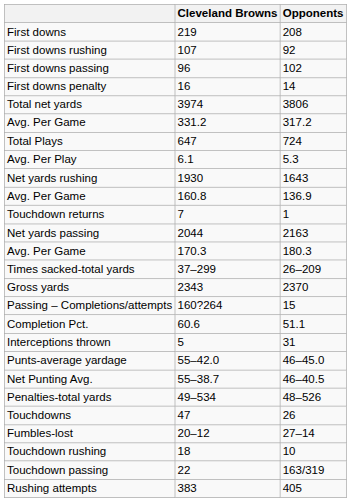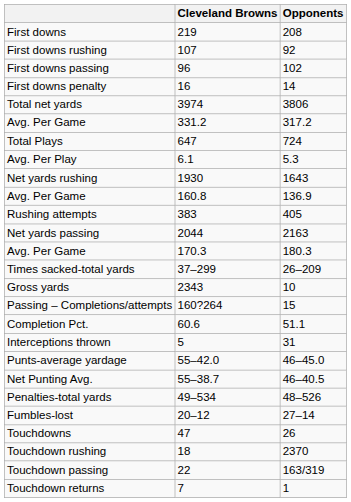 <table class="wikitable">
 <tr>
 <th></th>
 <th>Cleveland Browns</th>
 <th>Opponents</th>
 </tr>
 <tr>
 <td>First downs</td>
 <td>219</td>
 <td>208</td>
 </tr>
 <tr>
 <td>First downs rushing</td>
 <td>107</td>
 <td>92</td>
 </tr>
 <tr>
 <td>First downs passing</td>
 <td>96</td>
 <td>102</td>
 </tr>
 <tr>
 <td>First downs penalty</td>
 <td>16</td>
 <td>14</td>
 </tr>
 <tr>
 <td>Total net yards</td>
 <td>3974</td>
 <td>3806</td>
 </tr>
 <tr>
 <td>Avg. Per Game</td>
 <td>331.2</td>
 <td>317.2</td>
 </tr>
 <tr>
 <td>Total Plays</td>
 <td>647</td>
 <td>724</td>
 </tr>
 <tr>
 <td>Avg. Per Play</td>
 <td>6.1</td>
 <td>5.3</td>
 </tr>
 <tr>
 <td>Net yards rushing</td>
 <td>1930</td>
 <td>1643</td>
 </tr>
 <tr>
 <td>Avg. Per Game</td>
 <td>160.8</td>
 <td>136.9</td>
 </tr>
 <tr>
-<td>Touchdown returns</td>
-<td>7</td>
-<td>1</td>
+<td>Rushing attempts</td>
+<td>383</td>
+<td>405</td>
 </tr>
 <tr>
 <td>Net yards passing</td>
 <td>2044</td>
 <td>2163</td>
 </tr>
 <tr>
 <td>Avg. Per Game</td>
 <td>170.3</td>
 <td>180.3</td>
 </tr>
 <tr>
 <td>Times sacked-total yards</td>
 <td>37–299</td>
 <td>26–209</td>
 </tr>
 <tr>
 <td>Gross yards</td>
 <td>2343</td>
-<td>2370</td>
+<td>10</td>
 </tr>
 <tr>
 <td>Passing – Completions/attempts</td>
 <td>160?264</td>
 <td>15</td>
 </tr>
 <tr>
 <td>Completion Pct.</td>
 <td>60.6</td>
 <td>51.1</td>
 </tr>
 <tr>
 <td>Interceptions thrown</td>
 <td>5</td>
 <td>31</td>
 </tr>
 <tr>
 <td>Punts-average yardage</td>
 <td>55–42.0</td>
 <td>46–45.0</td>
 </tr>
 <tr>
 <td>Net Punting Avg.</td>
 <td>55–38.7</td>
 <td>46–40.5</td>
 </tr>
 <tr>
 <td>Penalties-total yards</td>
 <td>49–534</td>
 <td>48–526</td>
 </tr>
 <tr>
+<td>Fumbles-lost</td>
+<td>20–12</td>
+<td>27–14</td>
+</tr>
+<tr>
 <td>Touchdowns</td>
 <td>47</td>
 <td>26</td>
 </tr>
 <tr>
-<td>Fumbles-lost</td>
-<td>20–12</td>
-<td>27–14</td>
-</tr>
-<tr>
 <td>Touchdown rushing</td>
 <td>18</td>
-<td>10</td>
+<td>2370</td>
 </tr>
 <tr>
 <td>Touchdown passing</td>
 <td>22</td>
 <td>163/319</td>
 </tr>
 <tr>
-<td>Rushing attempts</td>
-<td>383</td>
-<td>405</td>
+<td>Touchdown returns</td>
+<td>7</td>
+<td>1</td>
 </tr>
 </table>
